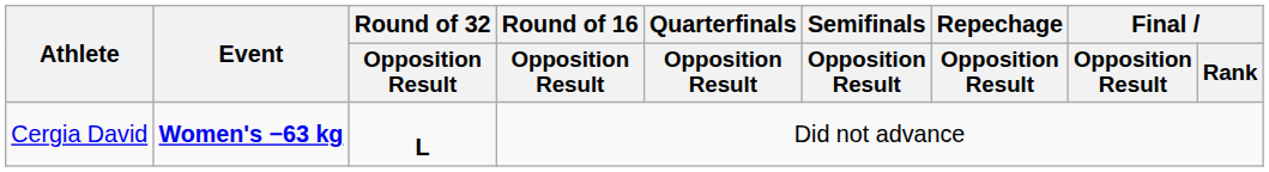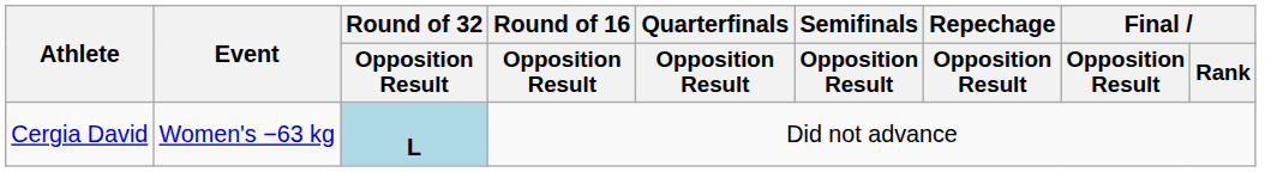 <table class="wikitable" style="font-size:90%">
 <tr>
 <th rowspan="2">Athlete</th>
 <th rowspan="2">Event</th>
 <th>Round of 32</th>
 <th>Round of 16</th>
 <th>Quarterfinals</th>
 <th>Semifinals</th>
 <th>Repechage</th>
 <th colspan=2>Final / </th>
 </tr>
 <tr style="font-size:95%">
 <th>Opposition<br>Result</th>
 <th>Opposition<br>Result</th>
 <th>Opposition<br>Result</th>
 <th>Opposition<br>Result</th>
 <th>Opposition<br>Result</th>
 <th>Opposition<br>Result</th>
 <th>Rank</th>
 </tr>
 <tr align=center>
 <td align=left><a href='#'>Cergia David</a></td>
-<td align=left><strong><a href='#'>Women's −63 kg</a></strong></td>
-<td><br><strong>L</strong>  </td>
+<td align=left><a href='#'>Women's −63 kg</a></td>
+<td style="background: lightblue;"><br><strong>L</strong>  </td>
 <td colspan="6">Did not advance</td>
 </tr>
 </table>
